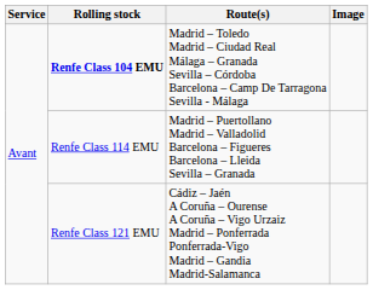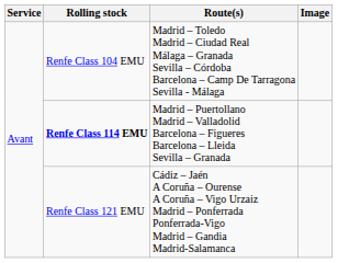 <table class="wikitable left">
 <tr>
 <th>Service</th>
 <th>Rolling stock</th>
 <th>Route(s)</th>
 <th>Image</th>
 </tr>
 <tr>
 <td rowspan="3"><a href='#'>Avant</a></td>
-<td><strong><a href='#'>Renfe Class 104</a> EMU</strong></td>
+<td><a href='#'>Renfe Class 104</a> EMU</td>
 <td>Madrid – Toledo<br>Madrid – Ciudad Real<br>Málaga – Granada<br>Sevilla – Córdoba<br>Barcelona – Camp De Tarragona<br>Sevilla - Málaga</td>
 <td></td>
 </tr>
 <tr>
-<td><a href='#'>Renfe Class 114</a> EMU</td>
+<td><strong><a href='#'>Renfe Class 114</a> EMU</strong></td>
 <td>Madrid – Puertollano<br>Madrid – Valladolid<br>Barcelona – Figueres<br>Barcelona – Lleida<br>Sevilla – Granada</td>
 <td></td>
 </tr>
 <tr>
 <td><a href='#'>Renfe Class 121</a> EMU</td>
 <td>Cádiz – Jaén<br>A Coruña – Ourense<br>A Coruña – Vigo Urzaiz<br>Madrid – Ponferrada<br>Ponferrada-Vigo<br>Madrid – Gandia<br>Madrid-Salamanca</td>
 <td></td>
 </tr>
 </table>
